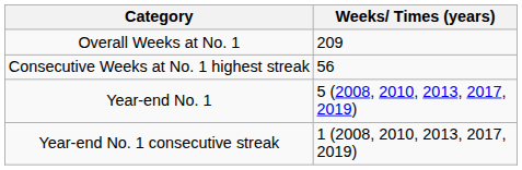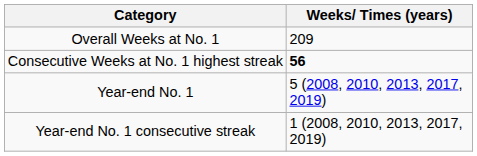 <table class="wikitable sortable plainrowheaders">
 <tr>
 <th scope="col">Category</th>
 <th scope="col" style="width:200px;">Weeks/ Times (years)</th>
 </tr>
 <tr>
 <td style="text-align:center">Overall Weeks at No. 1</td>
 <td>209</td>
 </tr>
 <tr>
 <td style="text-align:center">Consecutive Weeks at No. 1 highest streak</td>
-<td scope="row">56</td>
+<td scope="row"><strong>56</strong></td>
 </tr>
 <tr>
 <td style="text-align:center">Year-end No. 1</td>
 <td scope="row">5 (<a href='#'>2008</a>, <a href='#'>2010</a>, <a href='#'>2013</a>, <a href='#'>2017</a>, <a href='#'>2019</a>)</td>
 </tr>
 <tr>
 <td style="text-align:center">Year-end No. 1 consecutive streak</td>
 <td scope="row">1 (2008, 2010, 2013, 2017, 2019)</td>
 </tr>
 </table>
